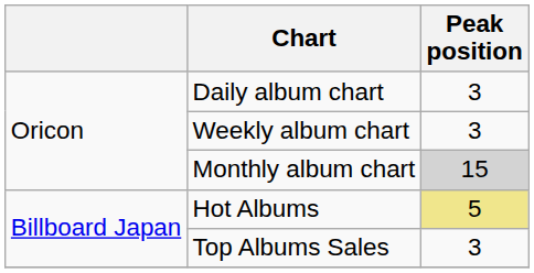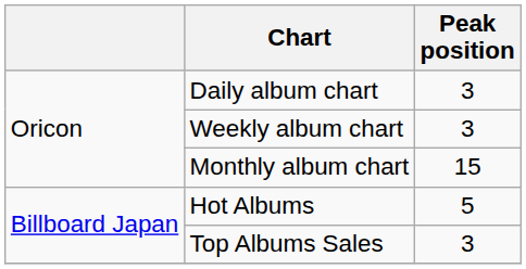 <table class="wikitable">
 <tr>
 <th></th>
 <th>Chart</th>
 <th>Peak<br>position</th>
 </tr>
 <tr>
 <td rowspan="3">Oricon</td>
 <td>Daily album chart</td>
 <td align="center">3 </td>
 </tr>
 <tr>
 <td>Weekly album chart</td>
 <td align="center">3 </td>
 </tr>
 <tr>
 <td>Monthly album chart</td>
-<td align="center" style="background: lightgrey;">15 </td>
+<td align="center">15 </td>
 </tr>
 <tr>
 <td rowspan="2"><a href='#'>Billboard Japan</a></td>
 <td>Hot Albums</td>
-<td align="center" style="background: khaki;">5 </td>
+<td align="center">5 </td>
 </tr>
 <tr>
 <td>Top Albums Sales</td>
 <td align="center">3 </td>
 </tr>
 <tr>
 </tr>
 </table>
